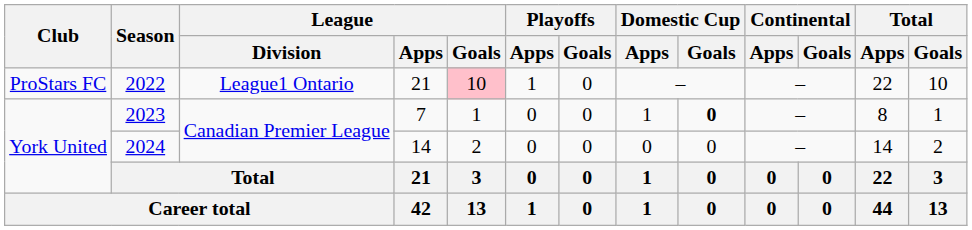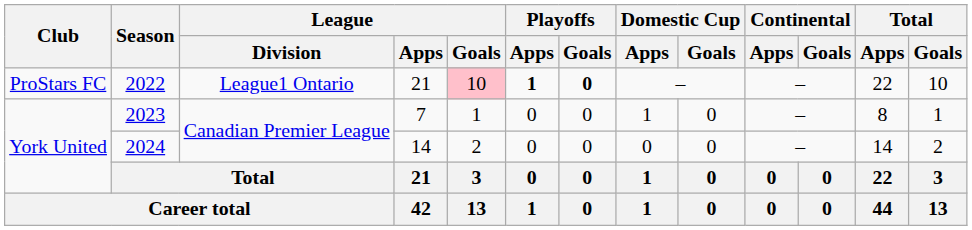 <table class="wikitable" style="text-align: center">
 <tr>
 <th rowspan="2">Club</th>
 <th rowspan="2">Season</th>
 <th colspan="3">League</th>
 <th colspan="2">Playoffs</th>
 <th colspan="2">Domestic Cup</th>
 <th colspan="2">Continental</th>
 <th colspan="2">Total</th>
 </tr>
 <tr>
 <th>Division</th>
 <th>Apps</th>
 <th>Goals</th>
 <th>Apps</th>
 <th>Goals</th>
 <th>Apps</th>
 <th>Goals</th>
 <th>Apps</th>
 <th>Goals</th>
 <th>Apps</th>
 <th>Goals</th>
 </tr>
 <tr>
 <td><a href='#'>ProStars FC</a></td>
 <td><a href='#'>2022</a></td>
 <td><a href='#'>League1 Ontario</a></td>
 <td>21</td>
 <td style="background: pink;">10</td>
-<td>1</td>
-<td>0</td>
+<td><strong>1</strong></td>
+<td><strong>0</strong></td>
 <td colspan="2">–</td>
 <td colspan="2">–</td>
 <td>22</td>
 <td>10</td>
 </tr>
 <tr>
 <td rowspan=3><a href='#'>York United</a></td>
 <td><a href='#'>2023</a></td>
 <td rowspan=2><a href='#'>Canadian Premier League</a></td>
 <td>7</td>
 <td>1</td>
 <td>0</td>
 <td>0</td>
 <td>1</td>
-<td><strong>0</strong></td>
+<td>0</td>
 <td colspan="2">–</td>
 <td>8</td>
 <td>1</td>
 </tr>
 <tr>
 <td><a href='#'>2024</a></td>
 <td>14</td>
 <td>2</td>
 <td>0</td>
 <td>0</td>
 <td>0</td>
 <td>0</td>
 <td colspan="2">–</td>
 <td>14</td>
 <td>2</td>
 </tr>
 <tr>
 <th colspan="2">Total</th>
 <th>21</th>
 <th>3</th>
 <th>0</th>
 <th>0</th>
 <th>1</th>
 <th>0</th>
 <th>0</th>
 <th>0</th>
 <th>22</th>
 <th>3</th>
 </tr>
 <tr>
 <th colspan="3"><strong>Career total</strong></th>
 <th>42</th>
 <th>13</th>
 <th>1</th>
 <th>0</th>
 <th>1</th>
 <th>0</th>
 <th>0</th>
 <th>0</th>
 <th>44</th>
 <th>13</th>
 </tr>
 </table>
